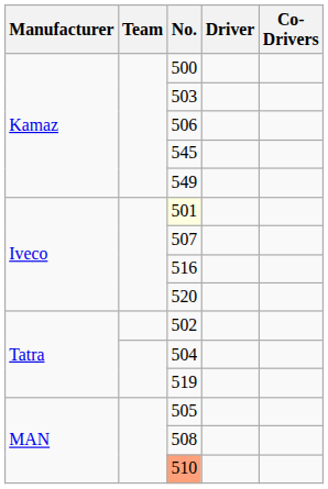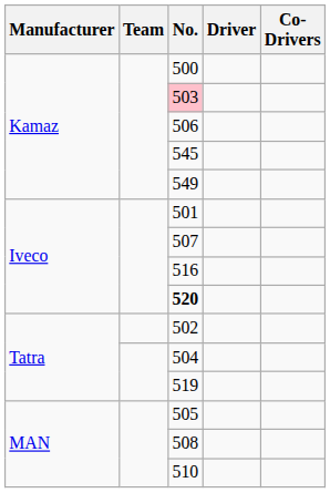 <table class="wikitable" style="font-size:85%; ; width:15%">
 <tr>
 <th>Manufacturer</th>
 <th>Team</th>
 <th>No.</th>
 <th>Driver</th>
 <th>Co-Drivers</th>
 </tr>
 <tr>
 <td rowspan=5> <a href='#'>Kamaz</a></td>
 <td rowspan=5></td>
 <td>500</td>
 <td></td>
 <td><br></td>
 </tr>
 <tr>
-<td>503</td>
+<td style="background: pink;">503</td>
 <td></td>
 <td><br></td>
 </tr>
 <tr>
 <td>506</td>
 <td></td>
 <td><br></td>
 </tr>
 <tr>
 <td>545</td>
 <td></td>
 <td><br></td>
 </tr>
 <tr>
 <td>549</td>
 <td></td>
 <td><br></td>
 </tr>
 <tr>
 <td rowspan=4> <a href='#'>Iveco</a></td>
 <td rowspan=4></td>
-<td style="background: lightyellow;">501</td>
+<td>501</td>
 <td></td>
 <td><br></td>
 </tr>
 <tr>
 <td>507</td>
 <td></td>
 <td><br></td>
 </tr>
 <tr>
 <td>516</td>
 <td></td>
 <td><br></td>
 </tr>
 <tr>
-<td>520</td>
+<td><strong>520</strong></td>
 <td></td>
 <td><br></td>
 </tr>
 <tr>
 <td rowspan=3> <a href='#'>Tatra</a></td>
 <td></td>
 <td>502</td>
 <td></td>
 <td><br></td>
 </tr>
 <tr>
 <td rowspan=2></td>
 <td>504</td>
 <td></td>
 <td><br></td>
 </tr>
 <tr>
 <td>519</td>
 <td></td>
 <td><br></td>
 </tr>
 <tr>
 <td rowspan=3> <a href='#'>MAN</a></td>
 <td rowspan=3></td>
 <td>505</td>
 <td></td>
 <td><br></td>
 </tr>
 <tr>
 <td>508</td>
 <td></td>
 <td><br></td>
 </tr>
 <tr>
-<td style="background: lightsalmon;">510</td>
+<td>510</td>
 <td></td>
 <td><br></td>
 </tr>
 </table>
